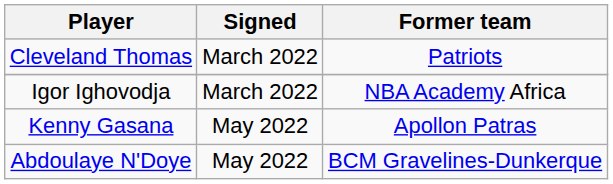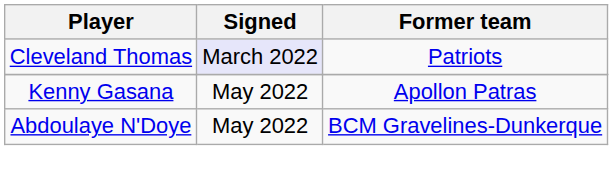 <table class="wikitable sortable sortable" style="text-align: center">
 <tr>
 <th>Player</th>
 <th>Signed</th>
 <th>Former team</th>
 </tr>
 <tr style="text-align: center">
 <td><a href='#'>Cleveland Thomas</a></td>
-<td>March 2022</td>
+<td style="background: lavender;">March 2022</td>
 <td> <a href='#'>Patriots</a></td>
 </tr>
 <tr style="text-align: center">
-</tr>
-<tr style="text-align: center">
-<td>Igor Ighovodja</td>
-<td>March 2022</td>
-<td><a href='#'>NBA Academy</a> Africa</td>
 </tr>
 <tr style="text-align: center">
 <td><a href='#'>Kenny Gasana</a></td>
 <td>May 2022</td>
 <td> <a href='#'>Apollon Patras</a></td>
 </tr>
 <tr style="text-align: center">
 <td><a href='#'>Abdoulaye N'Doye</a></td>
 <td>May 2022</td>
 <td> <a href='#'>BCM Gravelines-Dunkerque</a></td>
 </tr>
 </table>
